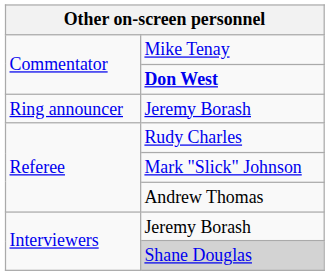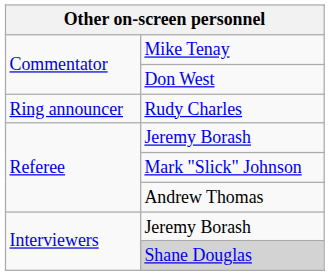 <table align="right" class="wikitable" style="border:1px; font-size:90%; margin-left:1em;">
 <tr>
 <th colspan=2 width=250><strong>Other on-screen personnel</strong></th>
 </tr>
 <tr>
 <td rowspan=2><a href='#'>Commentator</a></td>
 <td><a href='#'>Mike Tenay</a></td>
 </tr>
 <tr>
-<td><strong><a href='#'>Don West</a></strong></td>
+<td><a href='#'>Don West</a></td>
 </tr>
 <tr>
 <td rowspan=1><a href='#'>Ring announcer</a></td>
-<td><a href='#'>Jeremy Borash</a></td>
+<td><a href='#'>Rudy Charles</a></td>
 </tr>
 <tr>
 <td rowspan=3><a href='#'>Referee</a></td>
-<td><a href='#'>Rudy Charles</a></td>
+<td><a href='#'>Jeremy Borash</a></td>
 </tr>
 <tr>
 <td><a href='#'>Mark "Slick" Johnson</a></td>
 </tr>
 <tr>
 <td>Andrew Thomas</td>
 </tr>
 <tr>
 <td rowspan=2><a href='#'>Interviewers</a></td>
 <td>Jeremy Borash</td>
 </tr>
 <tr>
 <td style="background: lightgrey;"><a href='#'>Shane Douglas</a></td>
 </tr>
 </table>
